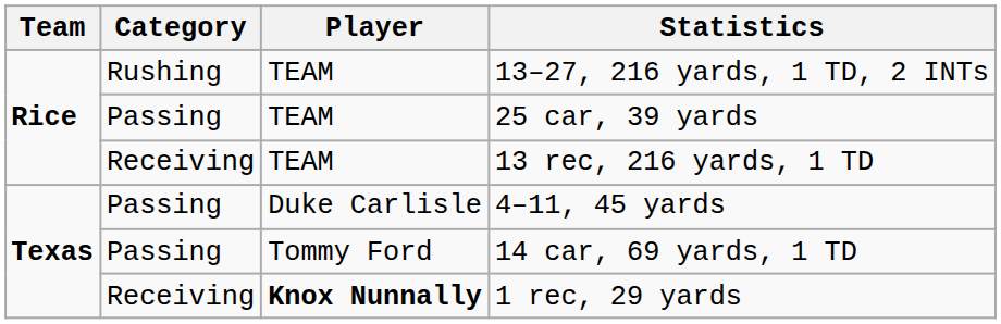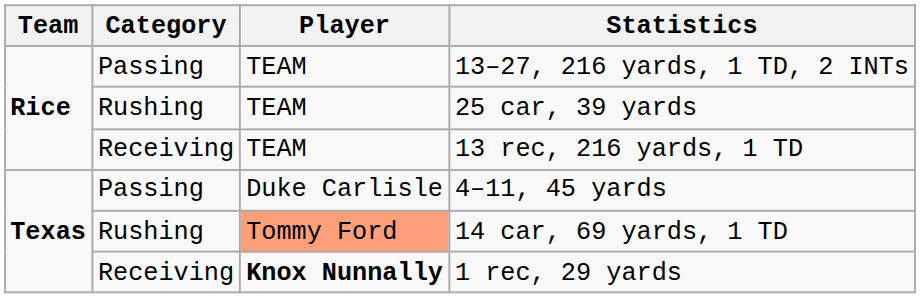 <table class="wikitable" style="float: right;">
 <tr>
 <th>Team</th>
 <th>Category</th>
 <th>Player</th>
 <th>Statistics</th>
 </tr>
 <tr>
 <td rowspan=3><strong>Rice</strong></td>
-<td>Rushing</td>
+<td>Passing</td>
 <td>TEAM</td>
 <td>13–27, 216 yards, 1 TD, 2 INTs</td>
 </tr>
 <tr>
-<td>Passing</td>
+<td>Rushing</td>
 <td>TEAM</td>
 <td>25 car, 39 yards</td>
 </tr>
 <tr>
 <td>Receiving</td>
 <td>TEAM</td>
 <td>13 rec, 216 yards, 1 TD</td>
 </tr>
 <tr>
 <td rowspan=3><strong>Texas</strong></td>
 <td>Passing</td>
 <td>Duke Carlisle</td>
 <td>4–11, 45 yards</td>
 </tr>
 <tr>
-<td>Passing</td>
-<td>Tommy Ford</td>
+<td>Rushing</td>
+<td style="background: lightsalmon;">Tommy Ford</td>
 <td>14 car, 69 yards, 1 TD</td>
 </tr>
 <tr>
 <td>Receiving</td>
 <td><strong>Knox Nunnally</strong></td>
 <td>1 rec, 29 yards</td>
 </tr>
 </table>
